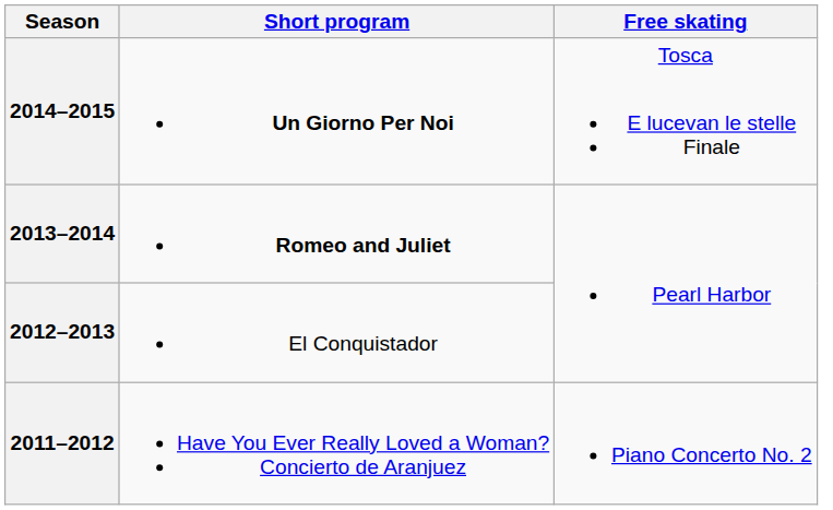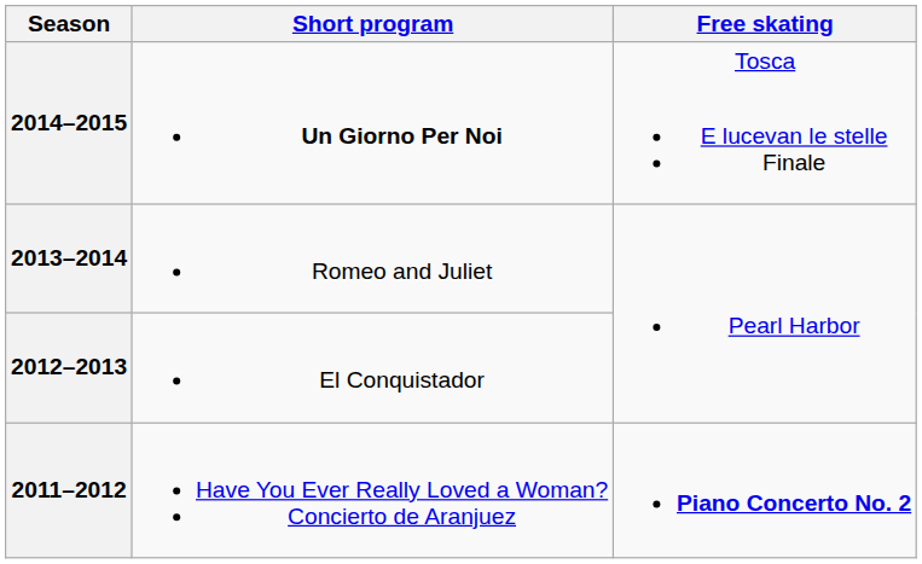 <table class=wikitable style=text-align:center>
 <tr>
 <th>Season</th>
 <th><a href='#'>Short program</a></th>
 <th><a href='#'>Free skating</a></th>
 </tr>
 <tr>
 <th>2014–2015 <br> </th>
 <td><strong><br><ul><li>Un Giorno Per Noi <br></li></ul></strong></td>
 <td><a href='#'>Tosca</a> <br><br><ul><li><a href='#'>E lucevan le stelle</a></li><li>Finale</li></ul></td>
 </tr>
 <tr>
 <th>2013–2014 <br> </th>
-<td><strong><br><ul><li>Romeo and Juliet <br></li></ul></strong></td>
+<td><br><ul><li>Romeo and Juliet <br></li></ul></td>
 <td rowspan=2><br><ul><li><a href='#'>Pearl Harbor</a> <br></li></ul></td>
 </tr>
 <tr>
 <th>2012–2013 <br> </th>
 <td><br><ul><li>El Conquistador <br></li></ul></td>
 </tr>
 <tr>
 <th>2011–2012 <br> </th>
 <td><br><ul><li><a href='#'>Have You Ever Really Loved a Woman?</a> <br></li><li><a href='#'>Concierto de Aranjuez</a> <br></li></ul></td>
-<td><br><ul><li><a href='#'>Piano Concerto No. 2</a> <br></li></ul></td>
+<td><strong><br><ul><li><a href='#'>Piano Concerto No. 2</a> <br></li></ul></strong></td>
 </tr>
 </table>
